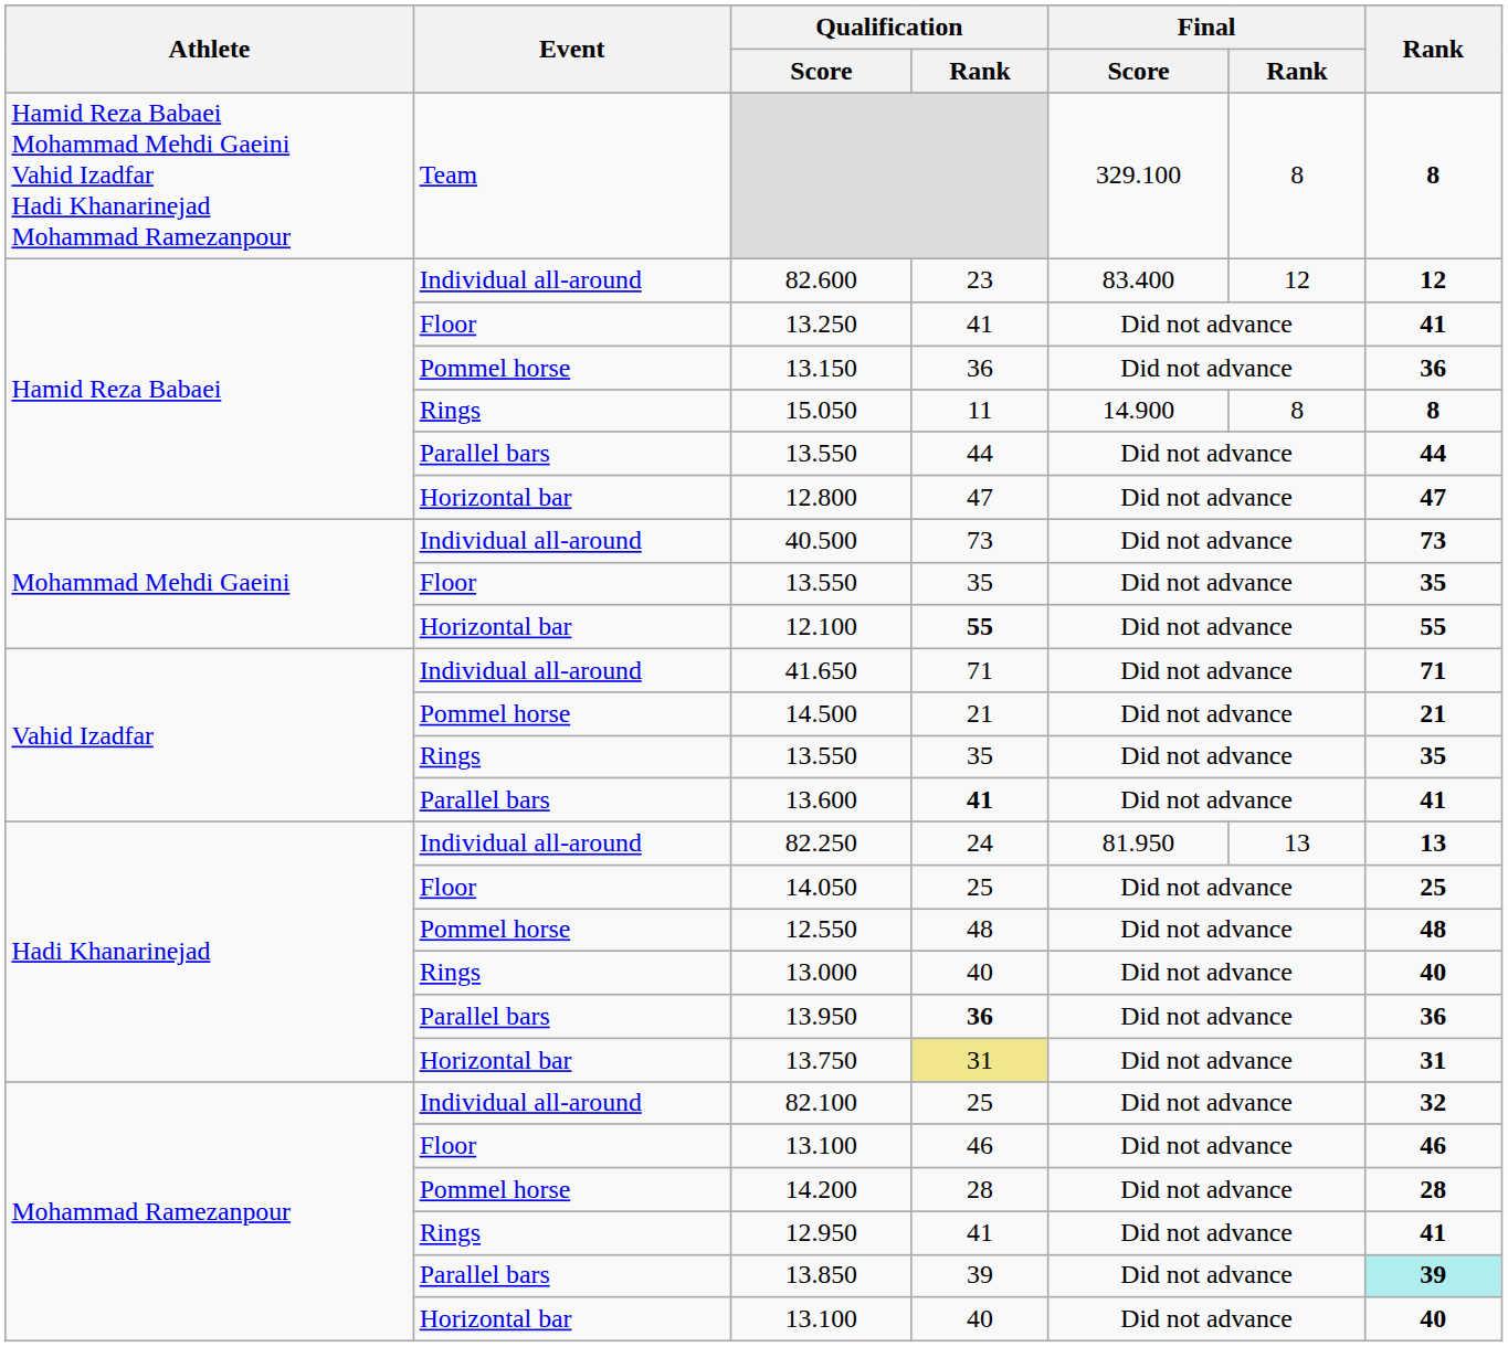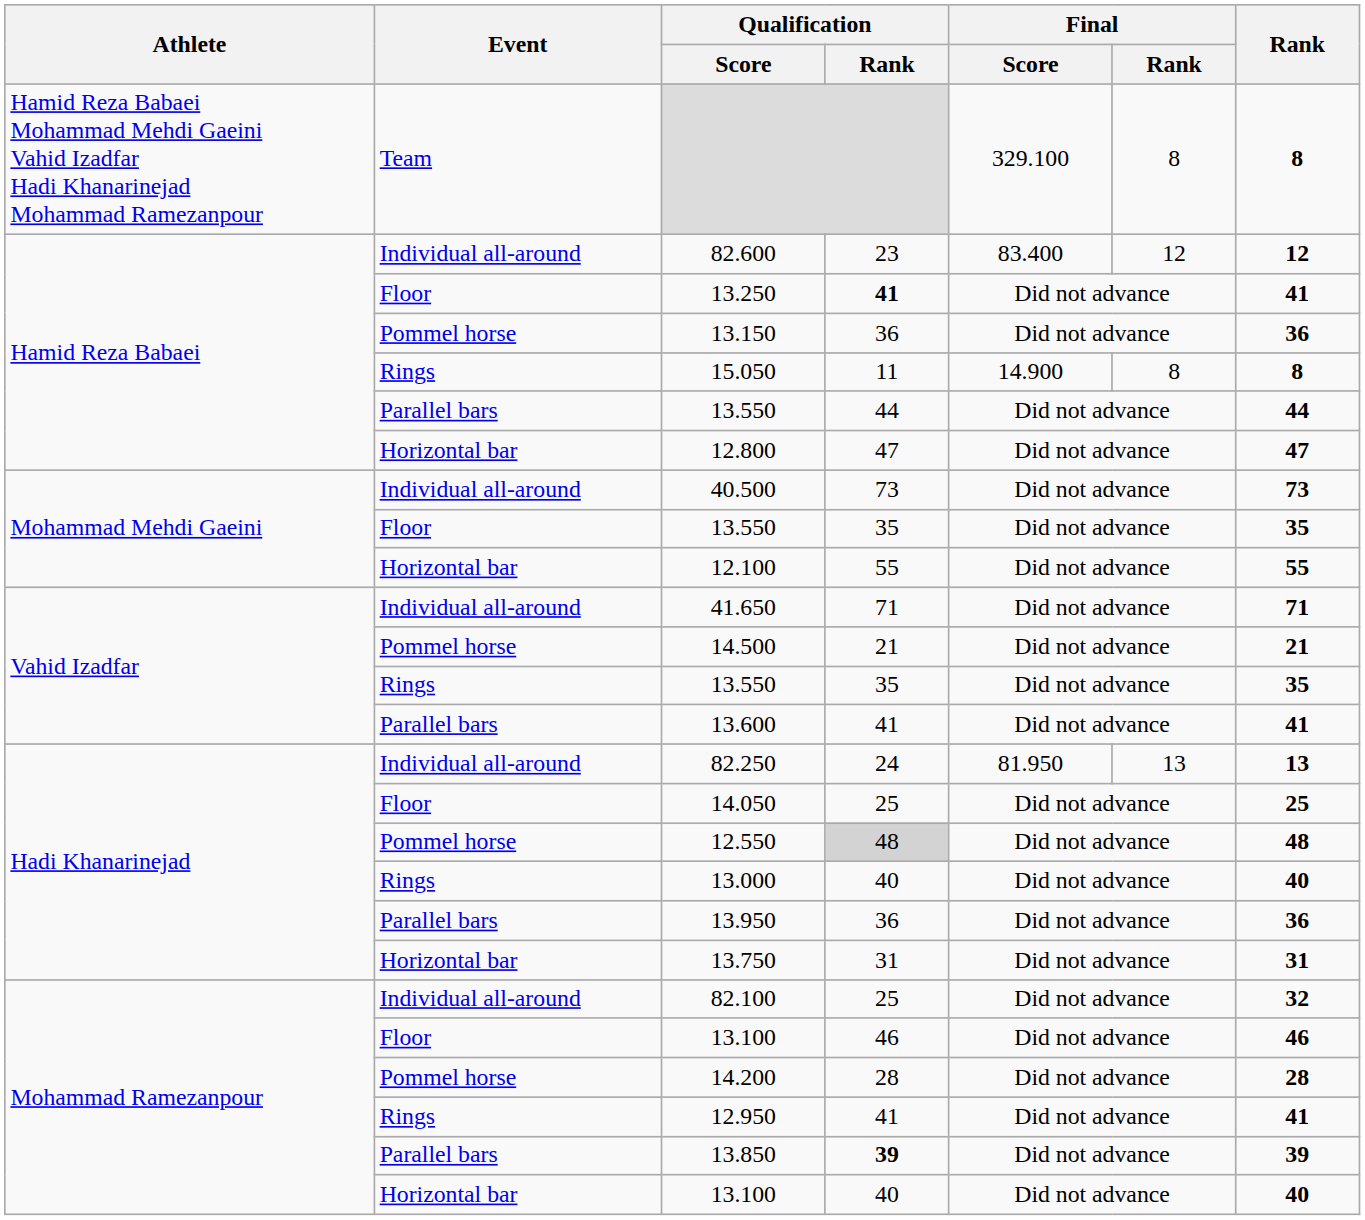 <table class="wikitable" width="65%" style="text-align:center; font-size:90%">
 <tr>
 <th rowspan="2" width="18%">Athlete</th>
 <th rowspan="2" width="14%">Event</th>
 <th colspan="2" width="14%">Qualification</th>
 <th colspan="2" width="14%">Final</th>
 <th rowspan="2" width="6%">Rank</th>
 </tr>
 <tr>
 <th width="8%">Score</th>
 <th>Rank</th>
 <th width="8%">Score</th>
 <th>Rank</th>
 </tr>
 <tr>
 <td align="left"><a href='#'>Hamid Reza Babaei</a><br><a href='#'>Mohammad Mehdi Gaeini</a><br><a href='#'>Vahid Izadfar</a><br><a href='#'>Hadi Khanarinejad</a><br><a href='#'>Mohammad Ramezanpour</a></td>
 <td align="left"><a href='#'>Team</a></td>
 <td colspan=2 bgcolor=#DCDCDC></td>
 <td>329.100</td>
 <td>8</td>
 <td><strong>8</strong></td>
 </tr>
 <tr>
 <td rowspan="6" align="left"><a href='#'>Hamid Reza Babaei</a></td>
 <td align="left"><a href='#'>Individual all-around</a></td>
 <td>82.600</td>
 <td>23 <strong></strong></td>
 <td>83.400</td>
 <td>12</td>
 <td><strong>12</strong></td>
 </tr>
 <tr>
 <td align="left"><a href='#'>Floor</a></td>
 <td>13.250</td>
-<td>41</td>
+<td><strong>41</strong></td>
 <td colspan=2>Did not advance</td>
 <td><strong>41</strong></td>
 </tr>
 <tr>
 <td align="left"><a href='#'>Pommel horse</a></td>
 <td>13.150</td>
 <td>36</td>
 <td colspan=2>Did not advance</td>
 <td><strong>36</strong></td>
 </tr>
 <tr>
 <td align="left"><a href='#'>Rings</a></td>
 <td>15.050</td>
 <td>11  <strong></strong></td>
 <td>14.900</td>
 <td>8</td>
 <td><strong>8</strong></td>
 </tr>
 <tr>
 <td align="left"><a href='#'>Parallel bars</a></td>
 <td>13.550</td>
 <td>44</td>
 <td colspan=2>Did not advance</td>
 <td><strong>44</strong></td>
 </tr>
 <tr>
 <td align="left"><a href='#'>Horizontal bar</a></td>
 <td>12.800</td>
 <td>47</td>
 <td colspan=2>Did not advance</td>
 <td><strong>47</strong></td>
 </tr>
 <tr>
 <td rowspan="3" align="left"><a href='#'>Mohammad Mehdi Gaeini</a></td>
 <td align="left"><a href='#'>Individual all-around</a></td>
 <td>40.500</td>
 <td>73</td>
 <td colspan=2>Did not advance</td>
 <td><strong>73</strong></td>
 </tr>
 <tr>
 <td align="left"><a href='#'>Floor</a></td>
 <td>13.550</td>
 <td>35</td>
 <td colspan=2>Did not advance</td>
 <td><strong>35</strong></td>
 </tr>
 <tr>
 <td align="left"><a href='#'>Horizontal bar</a></td>
 <td>12.100</td>
-<td><strong>55</strong></td>
+<td>55</td>
 <td colspan=2>Did not advance</td>
 <td><strong>55</strong></td>
 </tr>
 <tr>
 <td rowspan="4" align="left"><a href='#'>Vahid Izadfar</a></td>
 <td align="left"><a href='#'>Individual all-around</a></td>
 <td>41.650</td>
 <td>71</td>
 <td colspan=2>Did not advance</td>
 <td><strong>71</strong></td>
 </tr>
 <tr>
 <td align="left"><a href='#'>Pommel horse</a></td>
 <td>14.500</td>
 <td>21</td>
 <td colspan=2>Did not advance</td>
 <td><strong>21</strong></td>
 </tr>
 <tr>
 <td align="left"><a href='#'>Rings</a></td>
 <td>13.550</td>
 <td>35</td>
 <td colspan=2>Did not advance</td>
 <td><strong>35</strong></td>
 </tr>
 <tr>
 <td align="left"><a href='#'>Parallel bars</a></td>
 <td>13.600</td>
-<td><strong>41</strong></td>
+<td>41</td>
 <td colspan=2>Did not advance</td>
 <td><strong>41</strong></td>
 </tr>
 <tr>
 <td rowspan="6" align="left"><a href='#'>Hadi Khanarinejad</a></td>
 <td align="left"><a href='#'>Individual all-around</a></td>
 <td>82.250</td>
 <td>24 <strong></strong></td>
 <td>81.950</td>
 <td>13</td>
 <td><strong>13</strong></td>
 </tr>
 <tr>
 <td align="left"><a href='#'>Floor</a></td>
 <td>14.050</td>
 <td>25</td>
 <td colspan=2>Did not advance</td>
 <td><strong>25</strong></td>
 </tr>
 <tr>
 <td align="left"><a href='#'>Pommel horse</a></td>
 <td>12.550</td>
-<td>48</td>
+<td style="background: lightgrey;">48</td>
 <td colspan=2>Did not advance</td>
 <td><strong>48</strong></td>
 </tr>
 <tr>
 <td align="left"><a href='#'>Rings</a></td>
 <td>13.000</td>
 <td>40</td>
 <td colspan=2>Did not advance</td>
 <td><strong>40</strong></td>
 </tr>
 <tr>
 <td align="left"><a href='#'>Parallel bars</a></td>
 <td>13.950</td>
-<td><strong>36</strong></td>
+<td>36</td>
 <td colspan=2>Did not advance</td>
 <td><strong>36</strong></td>
 </tr>
 <tr>
 <td align="left"><a href='#'>Horizontal bar</a></td>
 <td>13.750</td>
-<td style="background: khaki;">31</td>
+<td>31</td>
 <td colspan=2>Did not advance</td>
 <td><strong>31</strong></td>
 </tr>
 <tr>
 <td rowspan="6" align="left"><a href='#'>Mohammad Ramezanpour</a></td>
 <td align="left"><a href='#'>Individual all-around</a></td>
 <td>82.100</td>
 <td>25</td>
 <td colspan=2>Did not advance</td>
 <td><strong>32</strong></td>
 </tr>
 <tr>
 <td align="left"><a href='#'>Floor</a></td>
 <td>13.100</td>
 <td>46</td>
 <td colspan=2>Did not advance</td>
 <td><strong>46</strong></td>
 </tr>
 <tr>
 <td align="left"><a href='#'>Pommel horse</a></td>
 <td>14.200</td>
 <td>28</td>
 <td colspan=2>Did not advance</td>
 <td><strong>28</strong></td>
 </tr>
 <tr>
 <td align="left"><a href='#'>Rings</a></td>
 <td>12.950</td>
 <td>41</td>
 <td colspan=2>Did not advance</td>
 <td><strong>41</strong></td>
 </tr>
 <tr>
 <td align="left"><a href='#'>Parallel bars</a></td>
 <td>13.850</td>
-<td>39</td>
+<td><strong>39</strong></td>
 <td colspan=2>Did not advance</td>
-<td style="background: paleturquoise;"><strong>39</strong></td>
+<td><strong>39</strong></td>
 </tr>
 <tr>
 <td align="left"><a href='#'>Horizontal bar</a></td>
 <td>13.100</td>
 <td>40</td>
 <td colspan=2>Did not advance</td>
 <td><strong>40</strong></td>
 </tr>
 </table>
